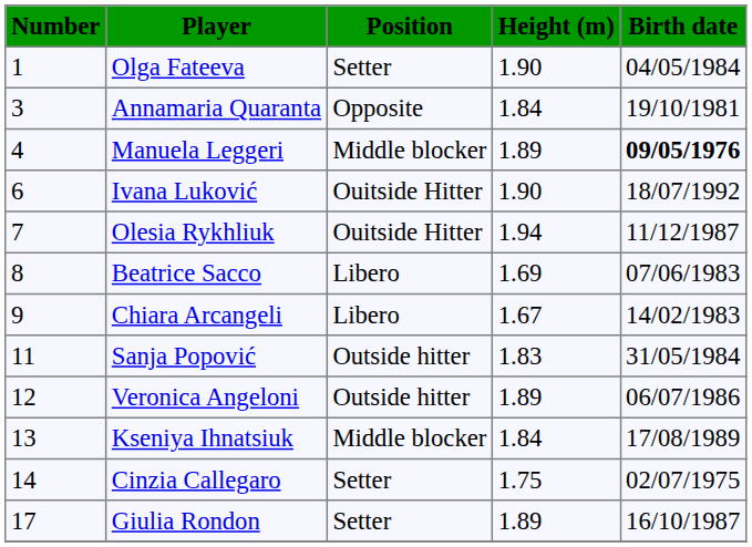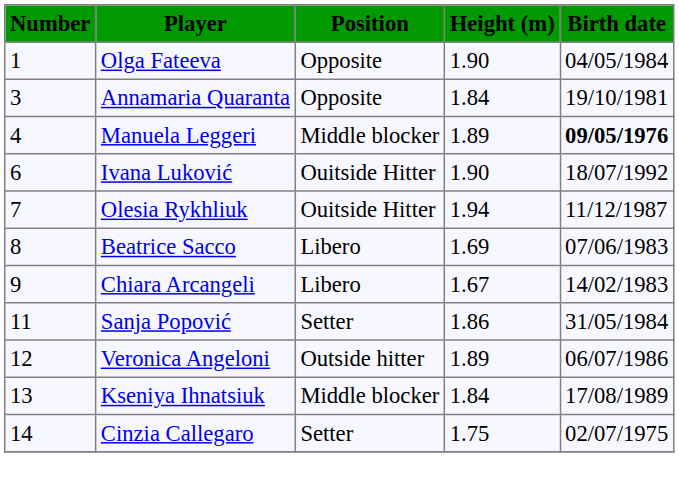 <table bgcolor="#f7f8ff" cellpadding="3" cellspacing="0" border="1" style="font-size: 95%; border: gray solid 1px; border-collapse: collapse;">
 <tr bgcolor="#009900">
 <td align=center><strong>Number</strong></td>
 <td align=center><strong>Player</strong></td>
 <td align=center><strong>Position</strong></td>
 <td align=center><strong>Height (m)</strong></td>
 <td align=center><strong>Birth date</strong></td>
 </tr>
 <tr align=left>
 <td>1</td>
 <td> <a href='#'>Olga Fateeva</a></td>
-<td>Setter</td>
+<td>Opposite</td>
 <td>1.90</td>
 <td>04/05/1984</td>
 </tr>
 <tr align="left">
 <td>3</td>
 <td> <a href='#'>Annamaria Quaranta</a></td>
 <td>Opposite</td>
 <td>1.84</td>
 <td>19/10/1981</td>
 </tr>
 <tr align="left">
 <td>4</td>
 <td> <a href='#'>Manuela Leggeri</a></td>
 <td>Middle blocker</td>
 <td>1.89</td>
 <td><strong>09/05/1976</strong></td>
 </tr>
 <tr align="left">
 <td>6</td>
 <td> <a href='#'>Ivana Luković</a></td>
 <td>Ouitside Hitter</td>
 <td>1.90</td>
 <td>18/07/1992</td>
 </tr>
 <tr align="left">
 <td>7</td>
 <td> <a href='#'>Olesia Rykhliuk</a></td>
 <td>Ouitside Hitter</td>
 <td>1.94</td>
 <td>11/12/1987</td>
 </tr>
 <tr align="left">
 <td>8</td>
 <td> <a href='#'>Beatrice Sacco</a></td>
 <td>Libero</td>
 <td>1.69</td>
 <td>07/06/1983</td>
 </tr>
 <tr align="left">
 <td>9</td>
 <td> <a href='#'>Chiara Arcangeli</a></td>
 <td>Libero</td>
 <td>1.67</td>
 <td>14/02/1983</td>
 </tr>
 <tr align="left">
 <td>11</td>
 <td> <a href='#'>Sanja Popović</a></td>
-<td>Outside hitter</td>
-<td>1.83</td>
+<td>Setter</td>
+<td>1.86</td>
 <td>31/05/1984</td>
 </tr>
 <tr align="left">
 <td>12</td>
 <td> <a href='#'>Veronica Angeloni</a></td>
 <td>Outside hitter</td>
 <td>1.89</td>
 <td>06/07/1986</td>
 </tr>
 <tr align="left">
 <td>13</td>
 <td> <a href='#'>Kseniya Ihnatsiuk</a></td>
 <td>Middle blocker</td>
 <td>1.84</td>
 <td>17/08/1989</td>
 </tr>
 <tr align="left">
 <td>14</td>
 <td> <a href='#'>Cinzia Callegaro</a></td>
 <td>Setter</td>
 <td>1.75</td>
 <td>02/07/1975</td>
 </tr>
 <tr align="left">
-<td>17</td>
-<td> <a href='#'>Giulia Rondon</a></td>
-<td>Setter</td>
-<td>1.89</td>
-<td>16/10/1987</td>
-</tr>
-<tr align="left">
 </tr>
 </table>
